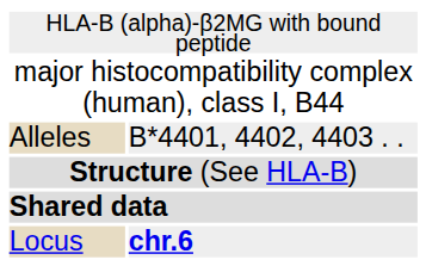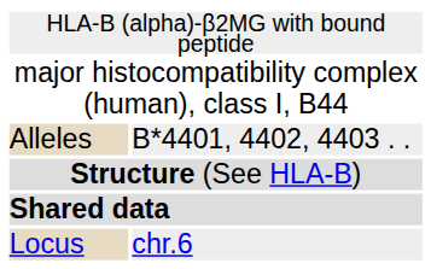 <table id="drugInfoBox" style="float: right; clear: right; margin: 0 0 0.5em 1em; background: #ffffff;" class="toccolours" border=0 cellpadding=0 align="right" width="240px">
 <tr align="center">
 <td colspan="3"></td>
 </tr>
 <tr style="text-align: center; line-height: 0.75;background:#eeeeee">
 <td colspan="3" color="white"><small>HLA-B (alpha)-β2MG with bound peptide</small></td>
 </tr>
 <tr>
 <td align="center" colspan="3"><div>major histocompatibility complex (human), class I, B44</div></td>
 </tr>
 <tr>
 <td bgcolor="#e7dcc3">Alleles</td>
 <td colspan = 2  bgcolor="#eeeeee">B*4401, 4402, 4403 . .</td>
 </tr>
 <tr align="center">
 <td colspan="3" bgcolor="#dddddd"><strong>Structure</strong> (See <a href='#'>HLA-B</a>)</td>
 </tr>
 <tr>
 <td colspan="2" bgcolor="#dddddd"><strong>Shared data</strong></td>
 </tr>
 <tr>
 <td bgcolor="#e7dcc3"><a href='#'>Locus</a></td>
-<td bgcolor="#eeeeee"><strong><a href='#'>chr.6</a> <em></em></strong></td>
+<td bgcolor="#eeeeee"><a href='#'>chr.6</a> <em></em></td>
 </tr>
 </table>
